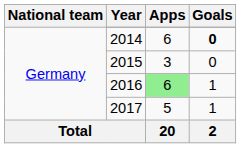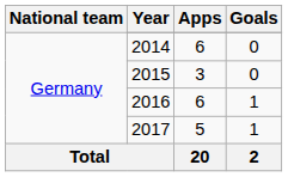 <table class="wikitable" style="text-align:center">
 <tr>
 <th>National team</th>
 <th>Year</th>
 <th>Apps</th>
 <th>Goals</th>
 </tr>
 <tr>
 <td rowspan="5"><a href='#'>Germany</a></td>
 </tr>
 <tr>
 <td>2014</td>
 <td>6</td>
-<td><strong>0</strong></td>
+<td>0</td>
 </tr>
 <tr>
 <td>2015</td>
 <td>3</td>
 <td>0</td>
 </tr>
 <tr>
 <td>2016</td>
-<td style="background: lightgreen;">6</td>
+<td>6</td>
 <td>1</td>
 </tr>
 <tr>
 <td>2017</td>
 <td>5</td>
 <td>1</td>
 </tr>
 <tr>
 <th colspan="2">Total</th>
 <th>20</th>
 <th>2</th>
 </tr>
 </table>
